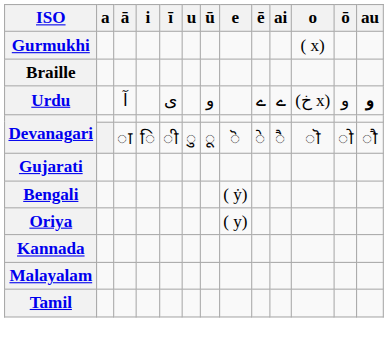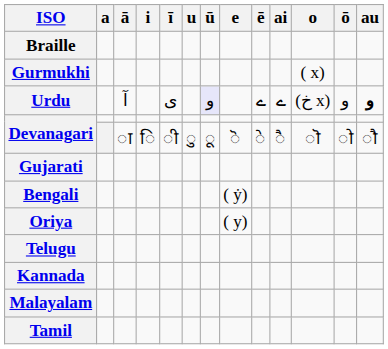 <table class="wikitable Unicode" style="text-align:center;">
 <tr>
 <th><a href='#'>ISO</a></th>
 <th>a</th>
 <th>ā</th>
 <th>i</th>
 <th>ī</th>
 <th>u</th>
 <th>ū</th>
 <th>e</th>
 <th>ē</th>
 <th>ai</th>
 <th>o</th>
 <th>ō</th>
 <th>au</th>
 </tr>
 <tr>
+<th>Braille</th>
+<td></td>
+<td></td>
+<td></td>
+<td></td>
+<td></td>
+<td></td>
+<td></td>
+<td></td>
+<td></td>
+<td></td>
+<td></td>
+<td></td>
+</tr>
+<tr>
 <th><a href='#'>Gurmukhi</a></th>
 <td></td>
 <td></td>
 <td></td>
 <td></td>
 <td></td>
 <td></td>
 <td></td>
 <td></td>
 <td></td>
 <td>( x)</td>
 <td></td>
 <td></td>
 </tr>
 <tr>
-<th>Braille</th>
-<td></td>
-<td></td>
-<td></td>
-<td></td>
-<td></td>
-<td></td>
-<td></td>
-<td></td>
-<td></td>
-<td></td>
-<td></td>
-<td></td>
-</tr>
-<tr>
 <th><a href='#'>Urdu</a></th>
 <td></td>
 <td>آ</td>
 <td></td>
 <td>ی</td>
 <td></td>
-<td>و</td>
+<td style="background: lavender;">و</td>
 <td></td>
 <td>ے</td>
 <td>ے</td>
 <td>(خ‎ x)</td>
 <td>و</td>
 <td><strong>و</strong></td>
 </tr>
 <tr>
 <th rowspan=2><a href='#'>Devanagari</a></th>
 <td></td>
 <td></td>
 <td></td>
 <td></td>
 <td></td>
 <td></td>
 <td></td>
 <td></td>
 <td></td>
 <td></td>
 <td></td>
 <td></td>
 </tr>
 <tr>
 <th></th>
 <td>ा</td>
 <td>ि</td>
 <td>ी</td>
 <td>ु</td>
 <td>ू</td>
 <td>ॆ</td>
 <td>े</td>
 <td>ै</td>
 <td>ॊ</td>
 <td>ो</td>
 <td>ौ</td>
 </tr>
 <tr>
 <th><a href='#'>Gujarati</a></th>
 <td></td>
 <td></td>
 <td></td>
 <td></td>
 <td></td>
 <td></td>
 <td></td>
 <td></td>
 <td></td>
 <td></td>
 <td></td>
 <td></td>
 </tr>
 <tr>
 <th><a href='#'>Bengali</a></th>
 <td></td>
 <td></td>
 <td></td>
 <td></td>
 <td></td>
 <td></td>
 <td>( ẏ)</td>
 <td></td>
 <td></td>
 <td></td>
 <td></td>
 <td></td>
 </tr>
 <tr>
 <th><a href='#'>Oriya</a></th>
 <td></td>
 <td></td>
 <td></td>
 <td></td>
 <td></td>
 <td></td>
 <td>( y)</td>
 <td></td>
 <td></td>
 <td></td>
 <td></td>
 <td></td>
 </tr>
 <tr>
+<th><a href='#'>Telugu</a></th>
+<td></td>
+<td></td>
+<td></td>
+<td></td>
+<td></td>
+<td></td>
+<td></td>
+<td></td>
+<td></td>
+<td></td>
+<td></td>
+<td></td>
+</tr>
+<tr>
 <th><a href='#'>Kannada</a></th>
 <td></td>
 <td></td>
 <td></td>
 <td></td>
 <td></td>
 <td></td>
 <td></td>
 <td></td>
 <td></td>
 <td></td>
 <td></td>
 <td></td>
 </tr>
 <tr>
 <th><a href='#'>Malayalam</a></th>
 <td></td>
 <td></td>
 <td></td>
 <td></td>
 <td></td>
 <td></td>
 <td></td>
 <td></td>
 <td></td>
 <td></td>
 <td></td>
 <td></td>
 </tr>
 <tr>
 <th><a href='#'>Tamil</a></th>
 <td></td>
 <td></td>
 <td></td>
 <td></td>
 <td></td>
 <td></td>
 <td></td>
 <td></td>
 <td></td>
 <td></td>
 <td></td>
 <td></td>
 </tr>
 </table>
